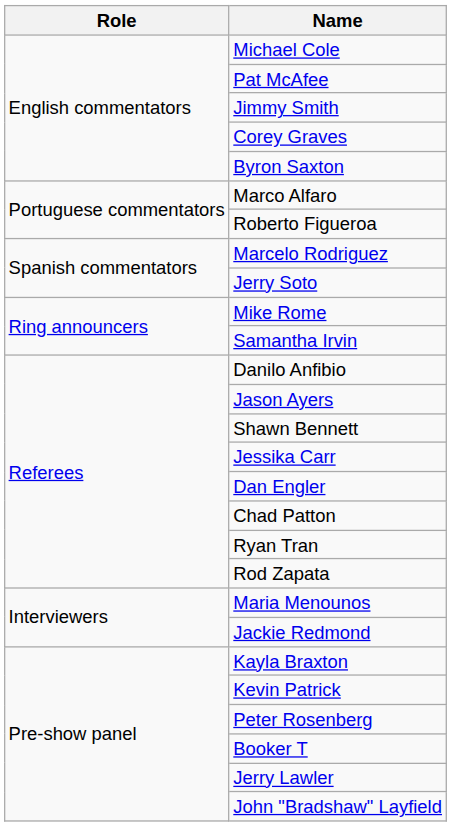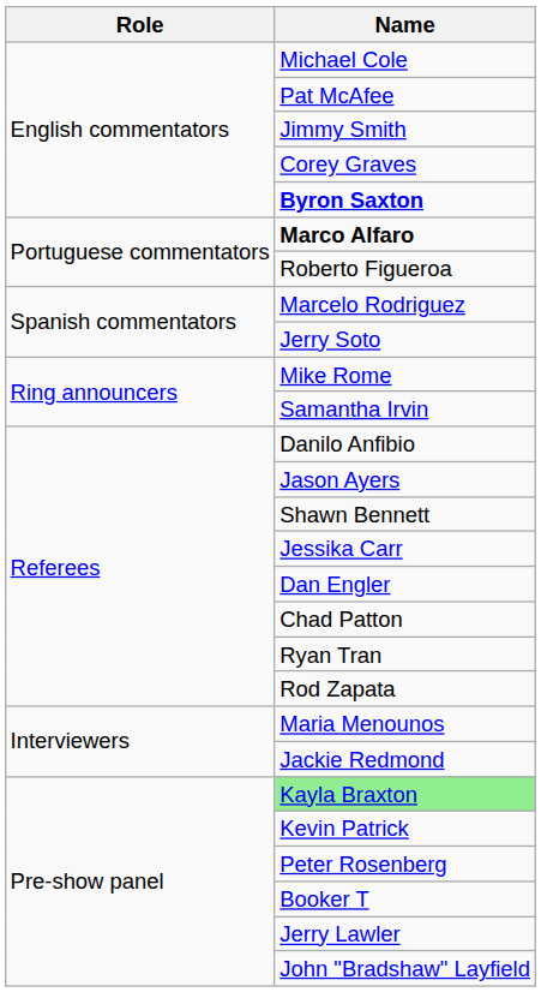 <table class=wikitable style="font-size:90%; margin: 0.5em 0 0.5em 1em; float: right; clear: right;">
 <tr>
 <th>Role</th>
 <th>Name</th>
 </tr>
 <tr>
 <td rowspan="5">English commentators</td>
 <td><a href='#'>Michael Cole</a> </td>
 </tr>
 <tr>
 <td><a href='#'>Pat McAfee</a> </td>
 </tr>
 <tr>
 <td><a href='#'>Jimmy Smith</a> </td>
 </tr>
 <tr>
 <td><a href='#'>Corey Graves</a> </td>
 </tr>
 <tr>
-<td><a href='#'>Byron Saxton</a><br></td>
+<td><strong><a href='#'>Byron Saxton</a><br></strong></td>
 </tr>
 <tr>
 <td rowspan=2>Portuguese commentators</td>
-<td>Marco Alfaro</td>
+<td><strong>Marco Alfaro</strong></td>
 </tr>
 <tr>
 <td>Roberto Figueroa</td>
 </tr>
 <tr>
 <td rowspan="2">Spanish commentators</td>
 <td><a href='#'>Marcelo Rodriguez</a></td>
 </tr>
 <tr>
 <td><a href='#'>Jerry Soto</a></td>
 </tr>
 <tr>
 <td rowspan="2"><a href='#'>Ring announcers</a></td>
 <td><a href='#'>Mike Rome</a> </td>
 </tr>
 <tr>
 <td><a href='#'>Samantha Irvin</a> </td>
 </tr>
 <tr>
 <td rowspan="8"><a href='#'>Referees</a></td>
 <td>Danilo Anfibio</td>
 </tr>
 <tr>
 <td><a href='#'>Jason Ayers</a></td>
 </tr>
 <tr>
 <td>Shawn Bennett</td>
 </tr>
 <tr>
 <td><a href='#'>Jessika Carr</a></td>
 </tr>
 <tr>
 <td><a href='#'>Dan Engler</a></td>
 </tr>
 <tr>
 <td>Chad Patton</td>
 </tr>
 <tr>
 <td>Ryan Tran</td>
 </tr>
 <tr>
 <td>Rod Zapata</td>
 </tr>
 <tr>
 <td rowspan=2>Interviewers</td>
 <td><a href='#'>Maria Menounos</a></td>
 </tr>
 <tr>
 <td><a href='#'>Jackie Redmond</a></td>
 </tr>
 <tr>
 <td rowspan="6">Pre-show panel</td>
-<td><a href='#'>Kayla Braxton</a></td>
+<td style="background: lightgreen;"><a href='#'>Kayla Braxton</a></td>
 </tr>
 <tr>
 <td><a href='#'>Kevin Patrick</a></td>
 </tr>
 <tr>
 <td><a href='#'>Peter Rosenberg</a></td>
 </tr>
 <tr>
 <td><a href='#'>Booker T</a></td>
 </tr>
 <tr>
 <td><a href='#'>Jerry Lawler</a></td>
 </tr>
 <tr>
 <td><a href='#'>John "Bradshaw" Layfield</a></td>
 </tr>
 </table>
